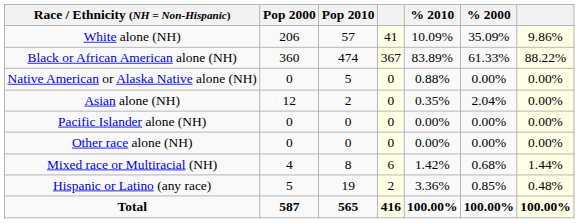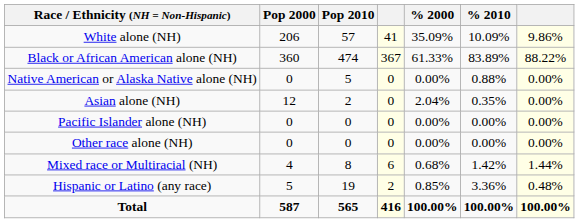 <table class="wikitable" style="text-align:center;">
 <tr>
 <th>Race / Ethnicity <small>(<em>NH = Non-Hispanic</em>)</small></th>
 <th>Pop 2000</th>
 <th>Pop 2010</th>
 <th></th>
+<th>% 2000</th>
 <th>% 2010</th>
-<th>% 2000</th>
 <th></th>
 </tr>
 <tr>
 <td><a href='#'>White</a> alone (NH)</td>
 <td>206</td>
 <td>57</td>
 <td style='background: #ffffe6;'>41</td>
+<td>35.09%</td>
 <td>10.09%</td>
-<td>35.09%</td>
 <td style='background: #ffffe6;'>9.86%</td>
 </tr>
 <tr>
 <td><a href='#'>Black or African American</a> alone (NH)</td>
 <td>360</td>
 <td>474</td>
 <td style='background: #ffffe6;'>367</td>
+<td>61.33%</td>
 <td>83.89%</td>
-<td>61.33%</td>
 <td style='background: #ffffe6;'>88.22%</td>
 </tr>
 <tr>
 <td><a href='#'>Native American</a> or <a href='#'>Alaska Native</a> alone (NH)</td>
 <td>0</td>
 <td>5</td>
 <td style='background: #ffffe6;'>0</td>
+<td>0.00%</td>
 <td>0.88%</td>
-<td>0.00%</td>
 <td style='background: #ffffe6;'>0.00%</td>
 </tr>
 <tr>
 <td><a href='#'>Asian</a> alone (NH)</td>
 <td>12</td>
 <td>2</td>
 <td style='background: #ffffe6;'>0</td>
+<td>2.04%</td>
 <td>0.35%</td>
-<td>2.04%</td>
 <td style='background: #ffffe6;'>0.00%</td>
 </tr>
 <tr>
 <td><a href='#'>Pacific Islander</a> alone (NH)</td>
 <td>0</td>
 <td>0</td>
 <td style='background: #ffffe6;'>0</td>
 <td>0.00%</td>
 <td>0.00%</td>
 <td style='background: #ffffe6;'>0.00%</td>
 </tr>
 <tr>
 <td><a href='#'>Other race</a> alone (NH)</td>
 <td>0</td>
 <td>0</td>
 <td style='background: #ffffe6;'>0</td>
 <td>0.00%</td>
 <td>0.00%</td>
 <td style='background: #ffffe6;'>0.00%</td>
 </tr>
 <tr>
 <td><a href='#'>Mixed race or Multiracial</a> (NH)</td>
 <td>4</td>
 <td>8</td>
 <td style='background: #ffffe6;'>6</td>
+<td>0.68%</td>
 <td>1.42%</td>
-<td>0.68%</td>
 <td style='background: #ffffe6;'>1.44%</td>
 </tr>
 <tr>
 <td><a href='#'>Hispanic or Latino</a> (any race)</td>
 <td>5</td>
 <td>19</td>
 <td style='background: #ffffe6;'>2</td>
+<td>0.85%</td>
 <td>3.36%</td>
-<td>0.85%</td>
 <td style='background: #ffffe6;'>0.48%</td>
 </tr>
 <tr>
 <td><strong>Total</strong></td>
 <td><strong>587</strong></td>
 <td><strong>565</strong></td>
 <td style='background: #ffffe6;'><strong>416</strong></td>
 <td><strong>100.00%</strong></td>
 <td><strong>100.00%</strong></td>
 <td style='background: #ffffe6;'><strong>100.00%</strong></td>
 </tr>
 </table>
